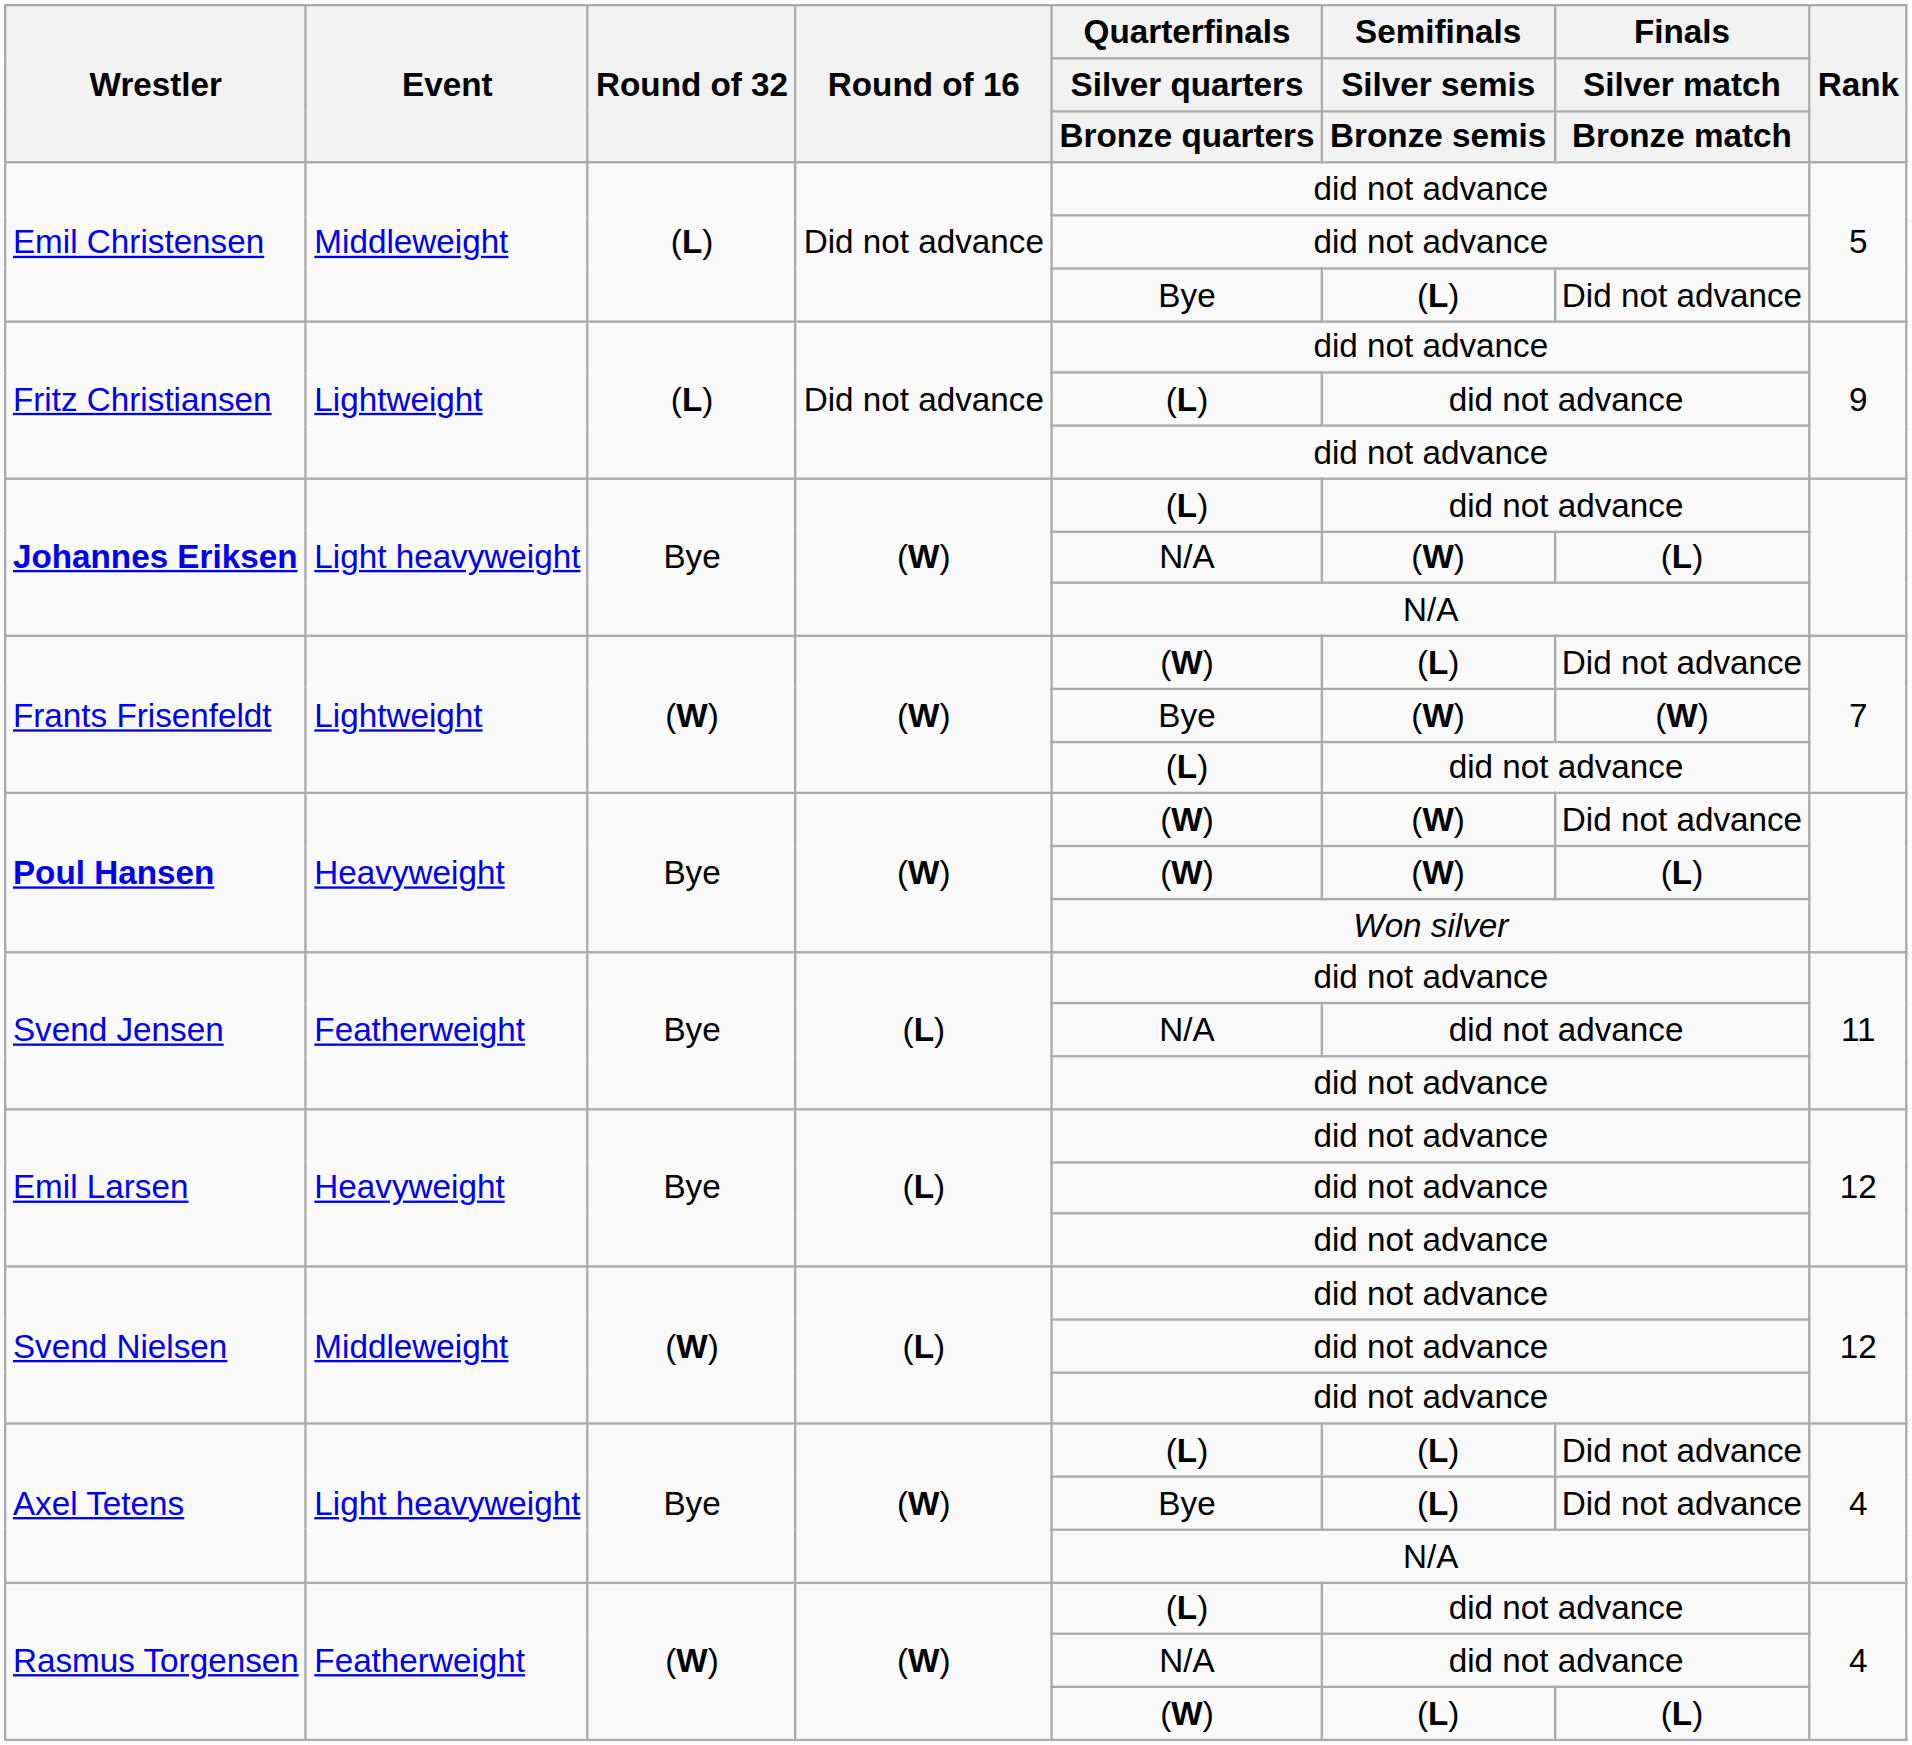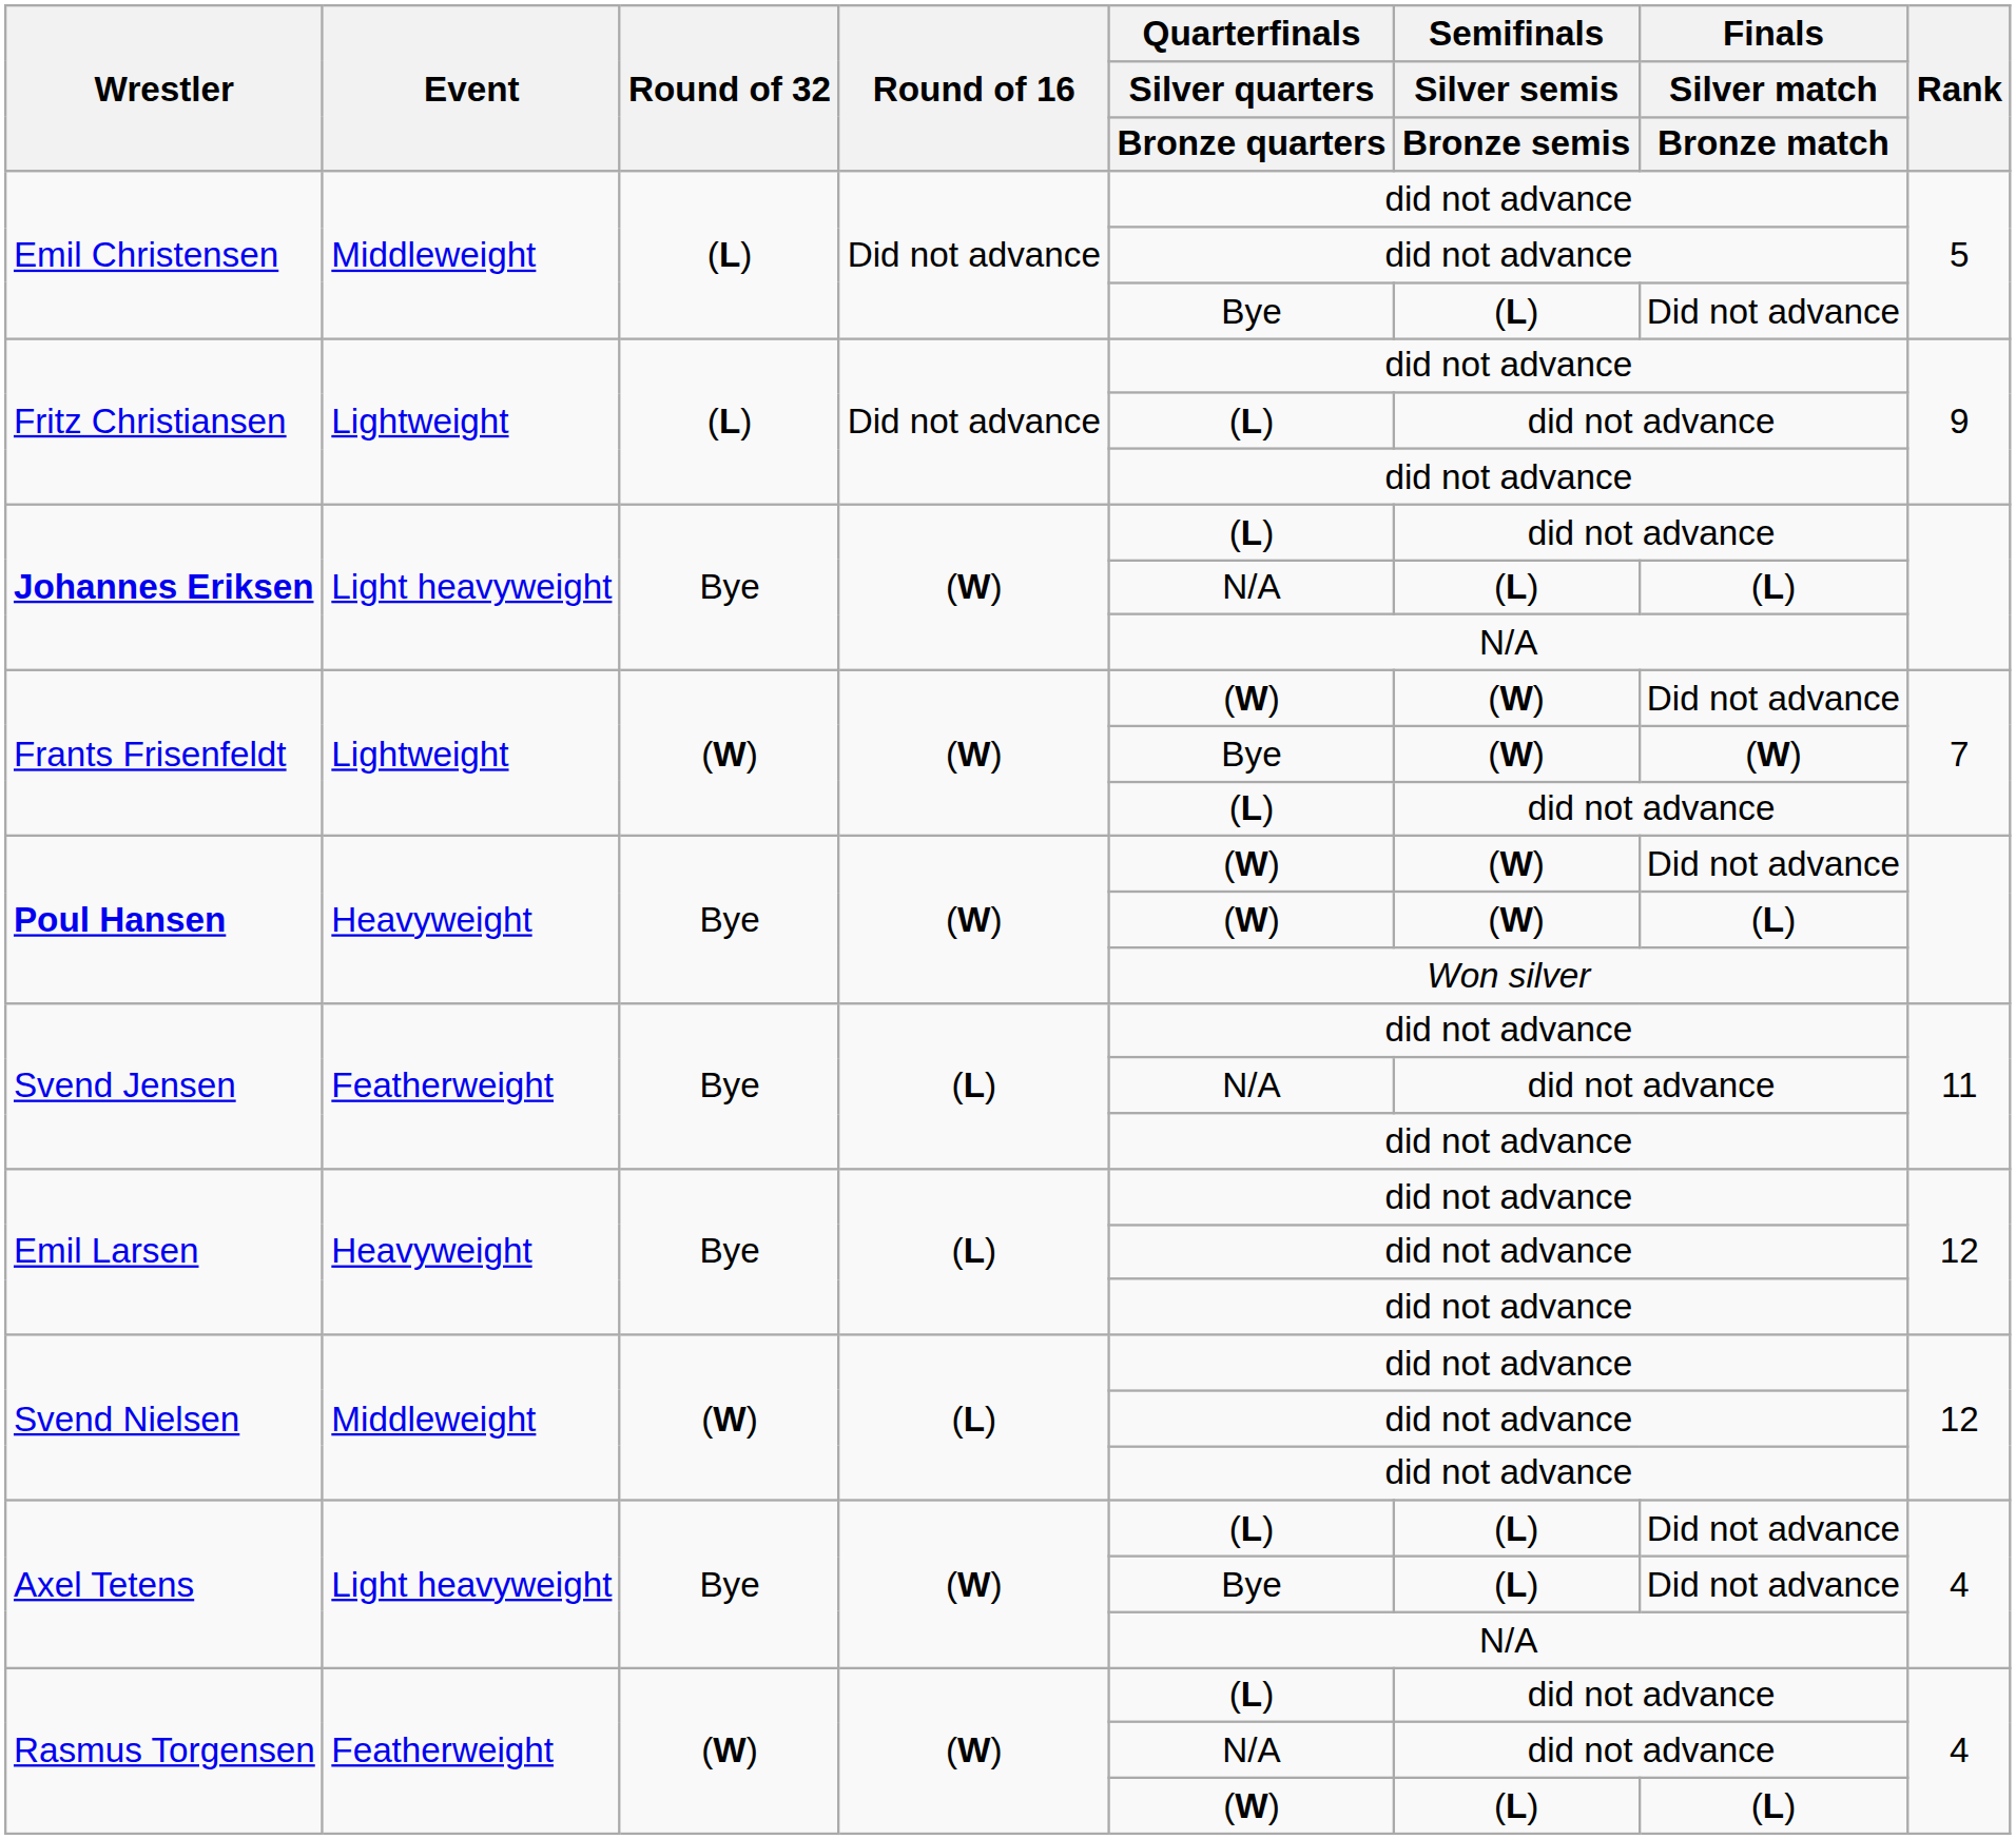 <table class=wikitable style="font-size:90%">
 <tr>
 <th rowspan=3>Wrestler</th>
 <th rowspan=3>Event</th>
 <th rowspan=3>Round of 32</th>
 <th rowspan=3>Round of 16</th>
 <th>Quarterfinals</th>
 <th>Semifinals</th>
 <th>Finals</th>
 <th rowspan=3>Rank</th>
 </tr>
 <tr>
 <th>Silver quarters</th>
 <th>Silver semis</th>
 <th>Silver match</th>
 </tr>
 <tr>
 <th>Bronze quarters</th>
 <th>Bronze semis</th>
 <th>Bronze match</th>
 </tr>
 <tr>
 <td rowspan=3><a href='#'>Emil Christensen</a></td>
 <td rowspan=3><a href='#'>Middleweight</a></td>
 <td rowspan=3 align=center> (<strong>L</strong>)</td>
 <td rowspan=3 align=center>Did not advance</td>
 <td align=center colspan=3>did not advance</td>
 <td rowspan=3 align=center>5</td>
 </tr>
 <tr>
 <td align=center colspan=3>did not advance</td>
 </tr>
 <tr>
 <td align=center>Bye</td>
 <td align=center> (<strong>L</strong>)</td>
 <td align=center>Did not advance</td>
 </tr>
 <tr>
 <td rowspan=3><a href='#'>Fritz Christiansen</a></td>
 <td rowspan=3><a href='#'>Lightweight</a></td>
 <td rowspan=3 align=center> (<strong>L</strong>)</td>
 <td rowspan=3 align=center>Did not advance</td>
 <td align=center colspan=3>did not advance</td>
 <td rowspan=3 align=center>9</td>
 </tr>
 <tr>
 <td align=center> (<strong>L</strong>)</td>
 <td align=center colspan=2>did not advance</td>
 </tr>
 <tr>
 <td align=center colspan=3>did not advance</td>
 </tr>
 <tr>
 <td rowspan=3><strong><a href='#'>Johannes Eriksen</a></strong></td>
 <td rowspan=3><a href='#'>Light heavyweight</a></td>
 <td rowspan=3 align=center>Bye</td>
 <td rowspan=3 align=center> (<strong>W</strong>)</td>
 <td align=center> (<strong>L</strong>)</td>
 <td align=center colspan=2>did not advance</td>
 <td rowspan=3 align=center></td>
 </tr>
 <tr>
 <td align=center>N/A</td>
-<td align=center> (<strong>W</strong>)</td>
+<td align=center> (<strong>L</strong>)</td>
 <td align=center> (<strong>L</strong>)</td>
 </tr>
 <tr>
 <td align=center colspan=3>N/A</td>
 </tr>
 <tr>
 <td rowspan=3><a href='#'>Frants Frisenfeldt</a></td>
 <td rowspan=3><a href='#'>Lightweight</a></td>
 <td rowspan=3 align=center> (<strong>W</strong>)</td>
 <td rowspan=3 align=center> (<strong>W</strong>)</td>
 <td align=center> (<strong>W</strong>)</td>
-<td align=center> (<strong>L</strong>)</td>
+<td align=center> (<strong>W</strong>)</td>
 <td align=center>Did not advance</td>
 <td rowspan=3 align=center>7</td>
 </tr>
 <tr>
 <td align=center>Bye</td>
 <td align=center> (<strong>W</strong>)</td>
 <td align=center> (<strong>W</strong>)</td>
 </tr>
 <tr>
 <td align=center> (<strong>L</strong>)</td>
 <td align=center colspan=2>did not advance</td>
 </tr>
 <tr>
 <td rowspan=3><strong><a href='#'>Poul Hansen</a></strong></td>
 <td rowspan=3><a href='#'>Heavyweight</a></td>
 <td rowspan=3 align=center>Bye</td>
 <td rowspan=3 align=center> (<strong>W</strong>)</td>
 <td align=center> (<strong>W</strong>)</td>
 <td align=center> (<strong>W</strong>)</td>
 <td align=center>Did not advance</td>
 <td rowspan=3 align=center></td>
 </tr>
 <tr>
 <td align=center> (<strong>W</strong>)</td>
 <td align=center> (<strong>W</strong>)</td>
 <td align=center> (<strong>L</strong>)</td>
 </tr>
 <tr>
 <td align=center colspan=3><em>Won silver</em></td>
 </tr>
 <tr>
 <td rowspan=3><a href='#'>Svend Jensen</a></td>
 <td rowspan=3><a href='#'>Featherweight</a></td>
 <td rowspan=3 align=center>Bye</td>
 <td rowspan=3 align=center> (<strong>L</strong>)</td>
 <td align=center colspan=3>did not advance</td>
 <td rowspan=3 align=center>11</td>
 </tr>
 <tr>
 <td align=center>N/A</td>
 <td align=center colspan=2>did not advance</td>
 </tr>
 <tr>
 <td align=center colspan=3>did not advance</td>
 </tr>
 <tr>
 <td rowspan=3><a href='#'>Emil Larsen</a></td>
 <td rowspan=3><a href='#'>Heavyweight</a></td>
 <td rowspan=3 align=center>Bye</td>
 <td rowspan=3 align=center> (<strong>L</strong>)</td>
 <td align=center colspan=3>did not advance</td>
 <td rowspan=3 align=center>12</td>
 </tr>
 <tr>
 <td align=center colspan=3>did not advance</td>
 </tr>
 <tr>
 <td align=center colspan=3>did not advance</td>
 </tr>
 <tr>
 <td rowspan=3><a href='#'>Svend Nielsen</a></td>
 <td rowspan=3><a href='#'>Middleweight</a></td>
 <td rowspan=3 align=center> (<strong>W</strong>)</td>
 <td rowspan=3 align=center> (<strong>L</strong>)</td>
 <td align=center colspan=3>did not advance</td>
 <td rowspan=3 align=center>12</td>
 </tr>
 <tr>
 <td align=center colspan=3>did not advance</td>
 </tr>
 <tr>
 <td align=center colspan=3>did not advance</td>
 </tr>
 <tr>
 <td rowspan=3><a href='#'>Axel Tetens</a></td>
 <td rowspan=3><a href='#'>Light heavyweight</a></td>
 <td rowspan=3 align=center>Bye</td>
 <td rowspan=3 align=center> (<strong>W</strong>)</td>
 <td align=center> (<strong>L</strong>)</td>
 <td align=center> (<strong>L</strong>)</td>
 <td align=center>Did not advance</td>
 <td rowspan=3 align=center>4</td>
 </tr>
 <tr>
 <td align=center>Bye</td>
 <td align=center> (<strong>L</strong>)</td>
 <td align=center>Did not advance</td>
 </tr>
 <tr>
 <td align=center colspan=3>N/A</td>
 </tr>
 <tr>
 <td rowspan=3><a href='#'>Rasmus Torgensen</a></td>
 <td rowspan=3><a href='#'>Featherweight</a></td>
 <td rowspan=3 align=center> (<strong>W</strong>)</td>
 <td rowspan=3 align=center> (<strong>W</strong>)</td>
 <td align=center> (<strong>L</strong>)</td>
 <td align=center colspan=2>did not advance</td>
 <td rowspan=3 align=center>4</td>
 </tr>
 <tr>
 <td align=center>N/A</td>
 <td align=center colspan=2>did not advance</td>
 </tr>
 <tr>
 <td align=center> (<strong>W</strong>)</td>
 <td align=center> (<strong>L</strong>)</td>
 <td align=center> (<strong>L</strong>)</td>
 </tr>
 </table>
